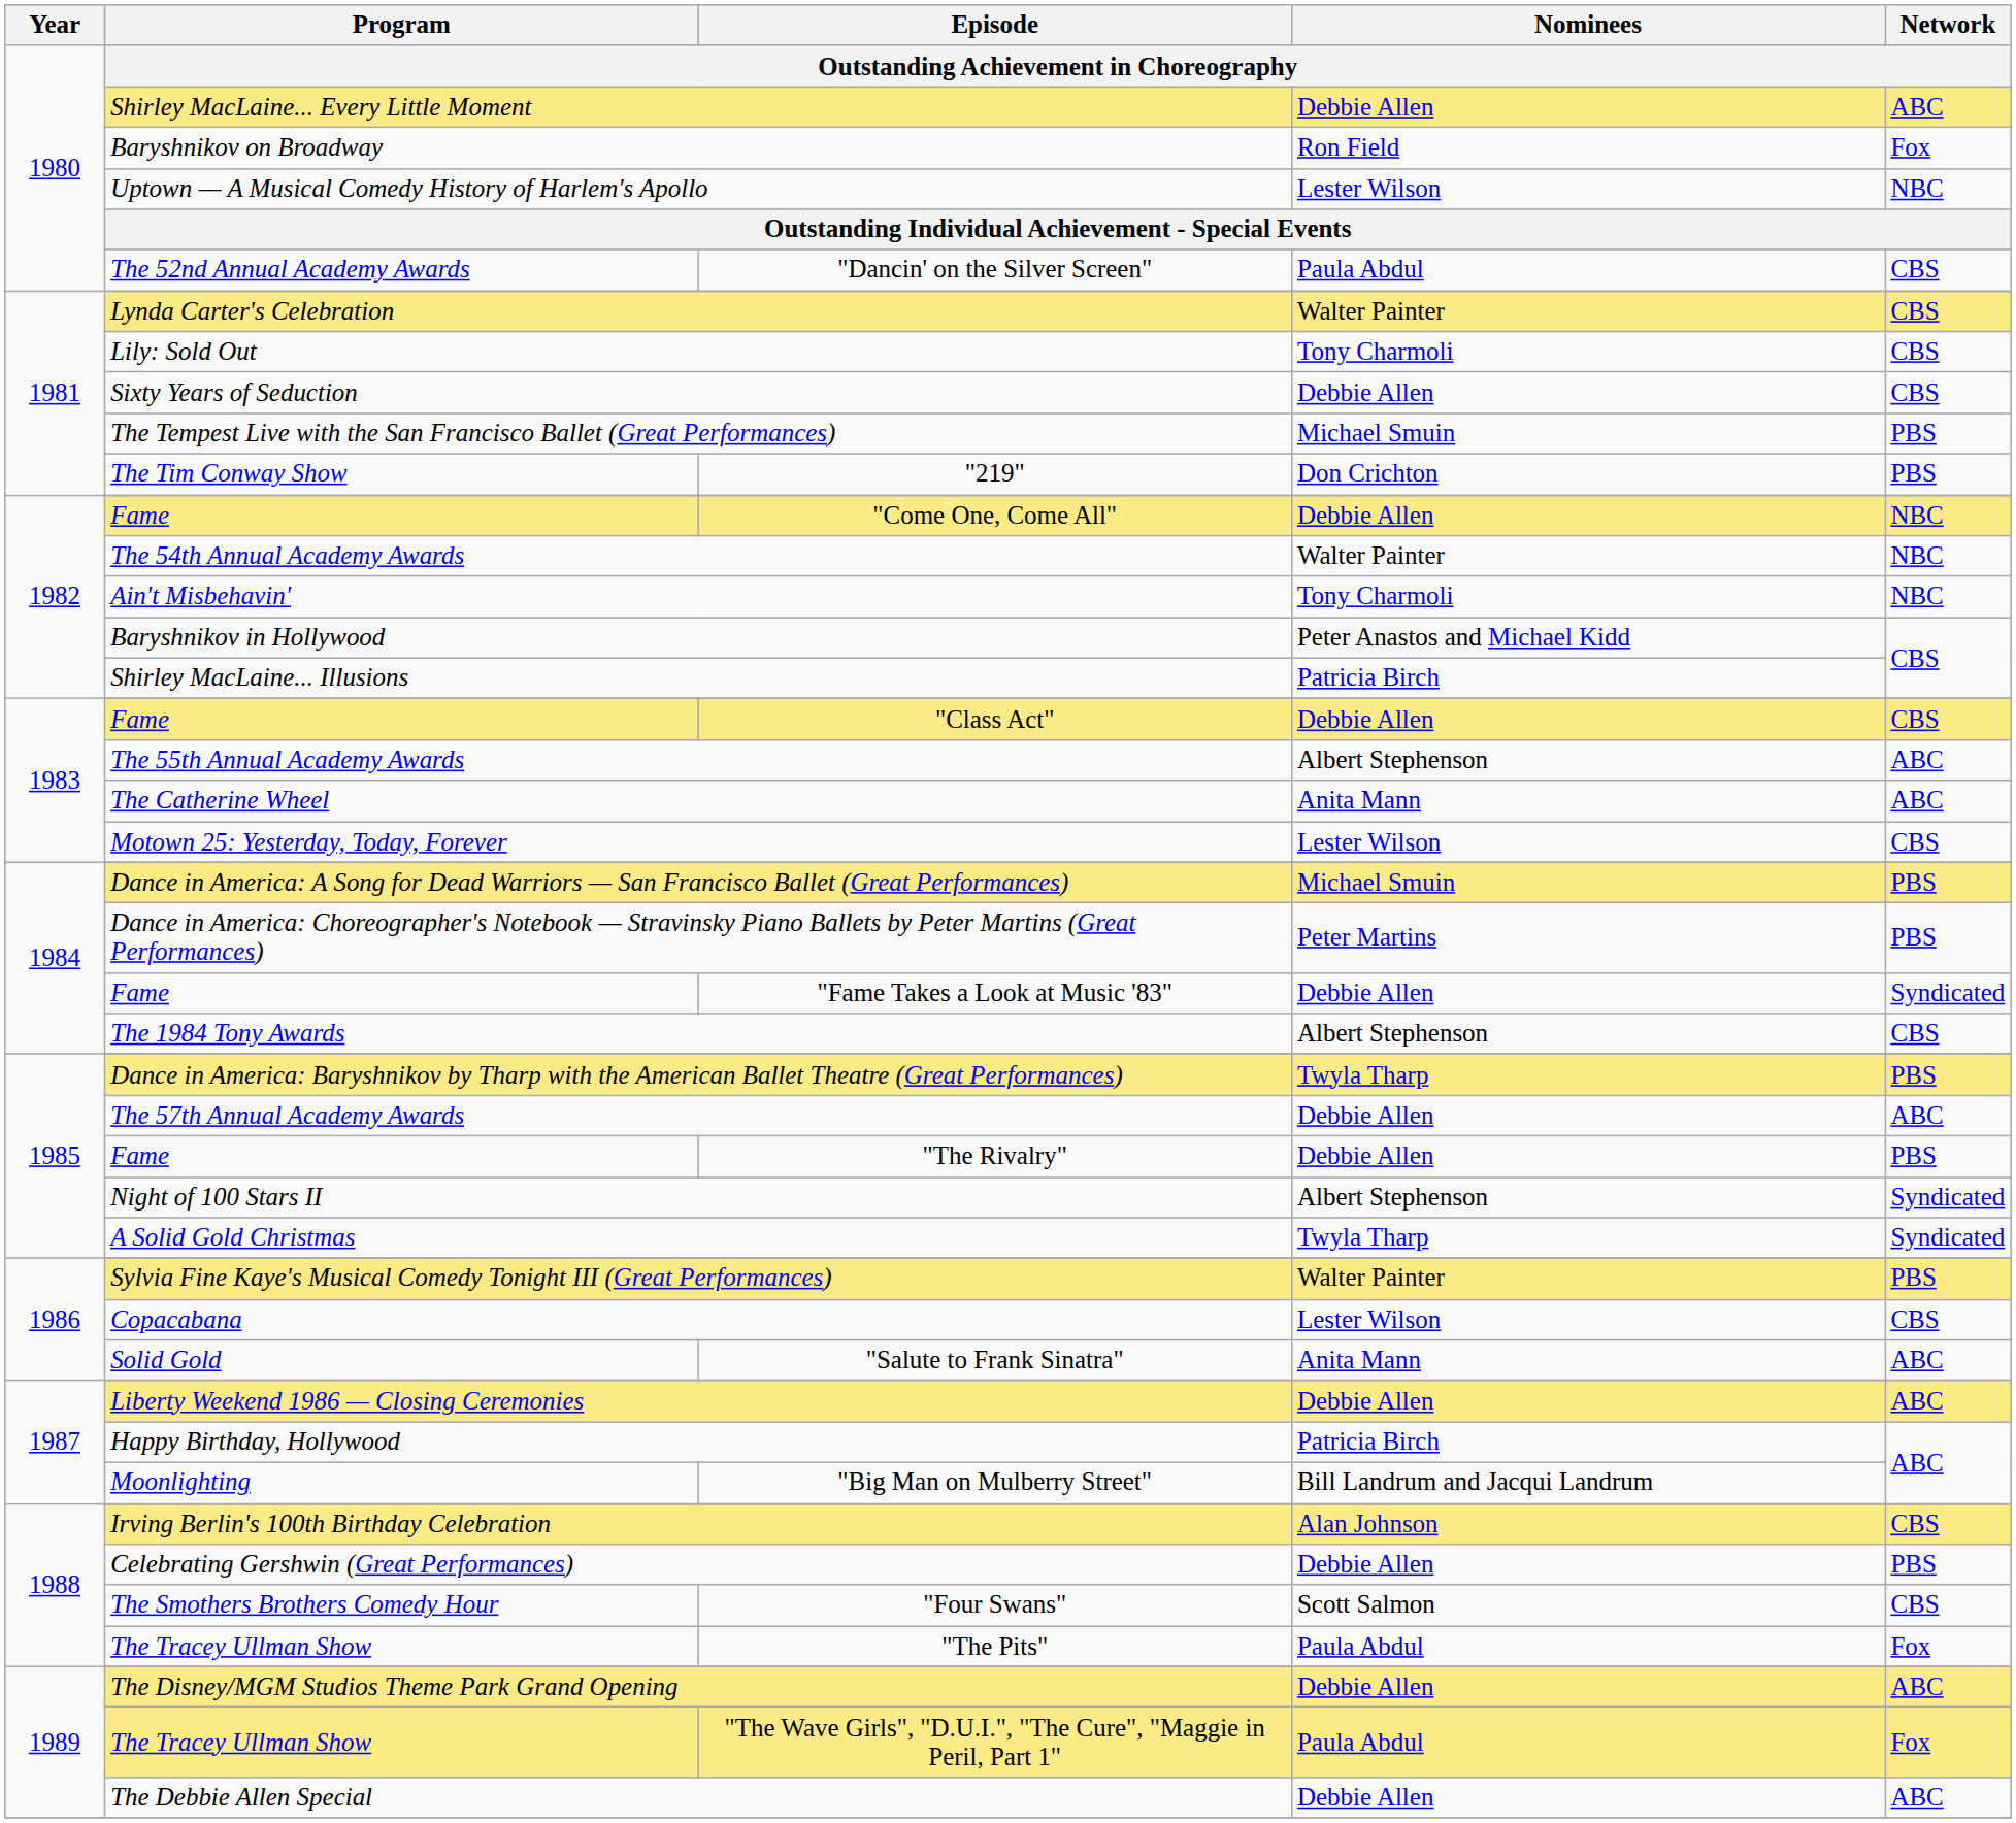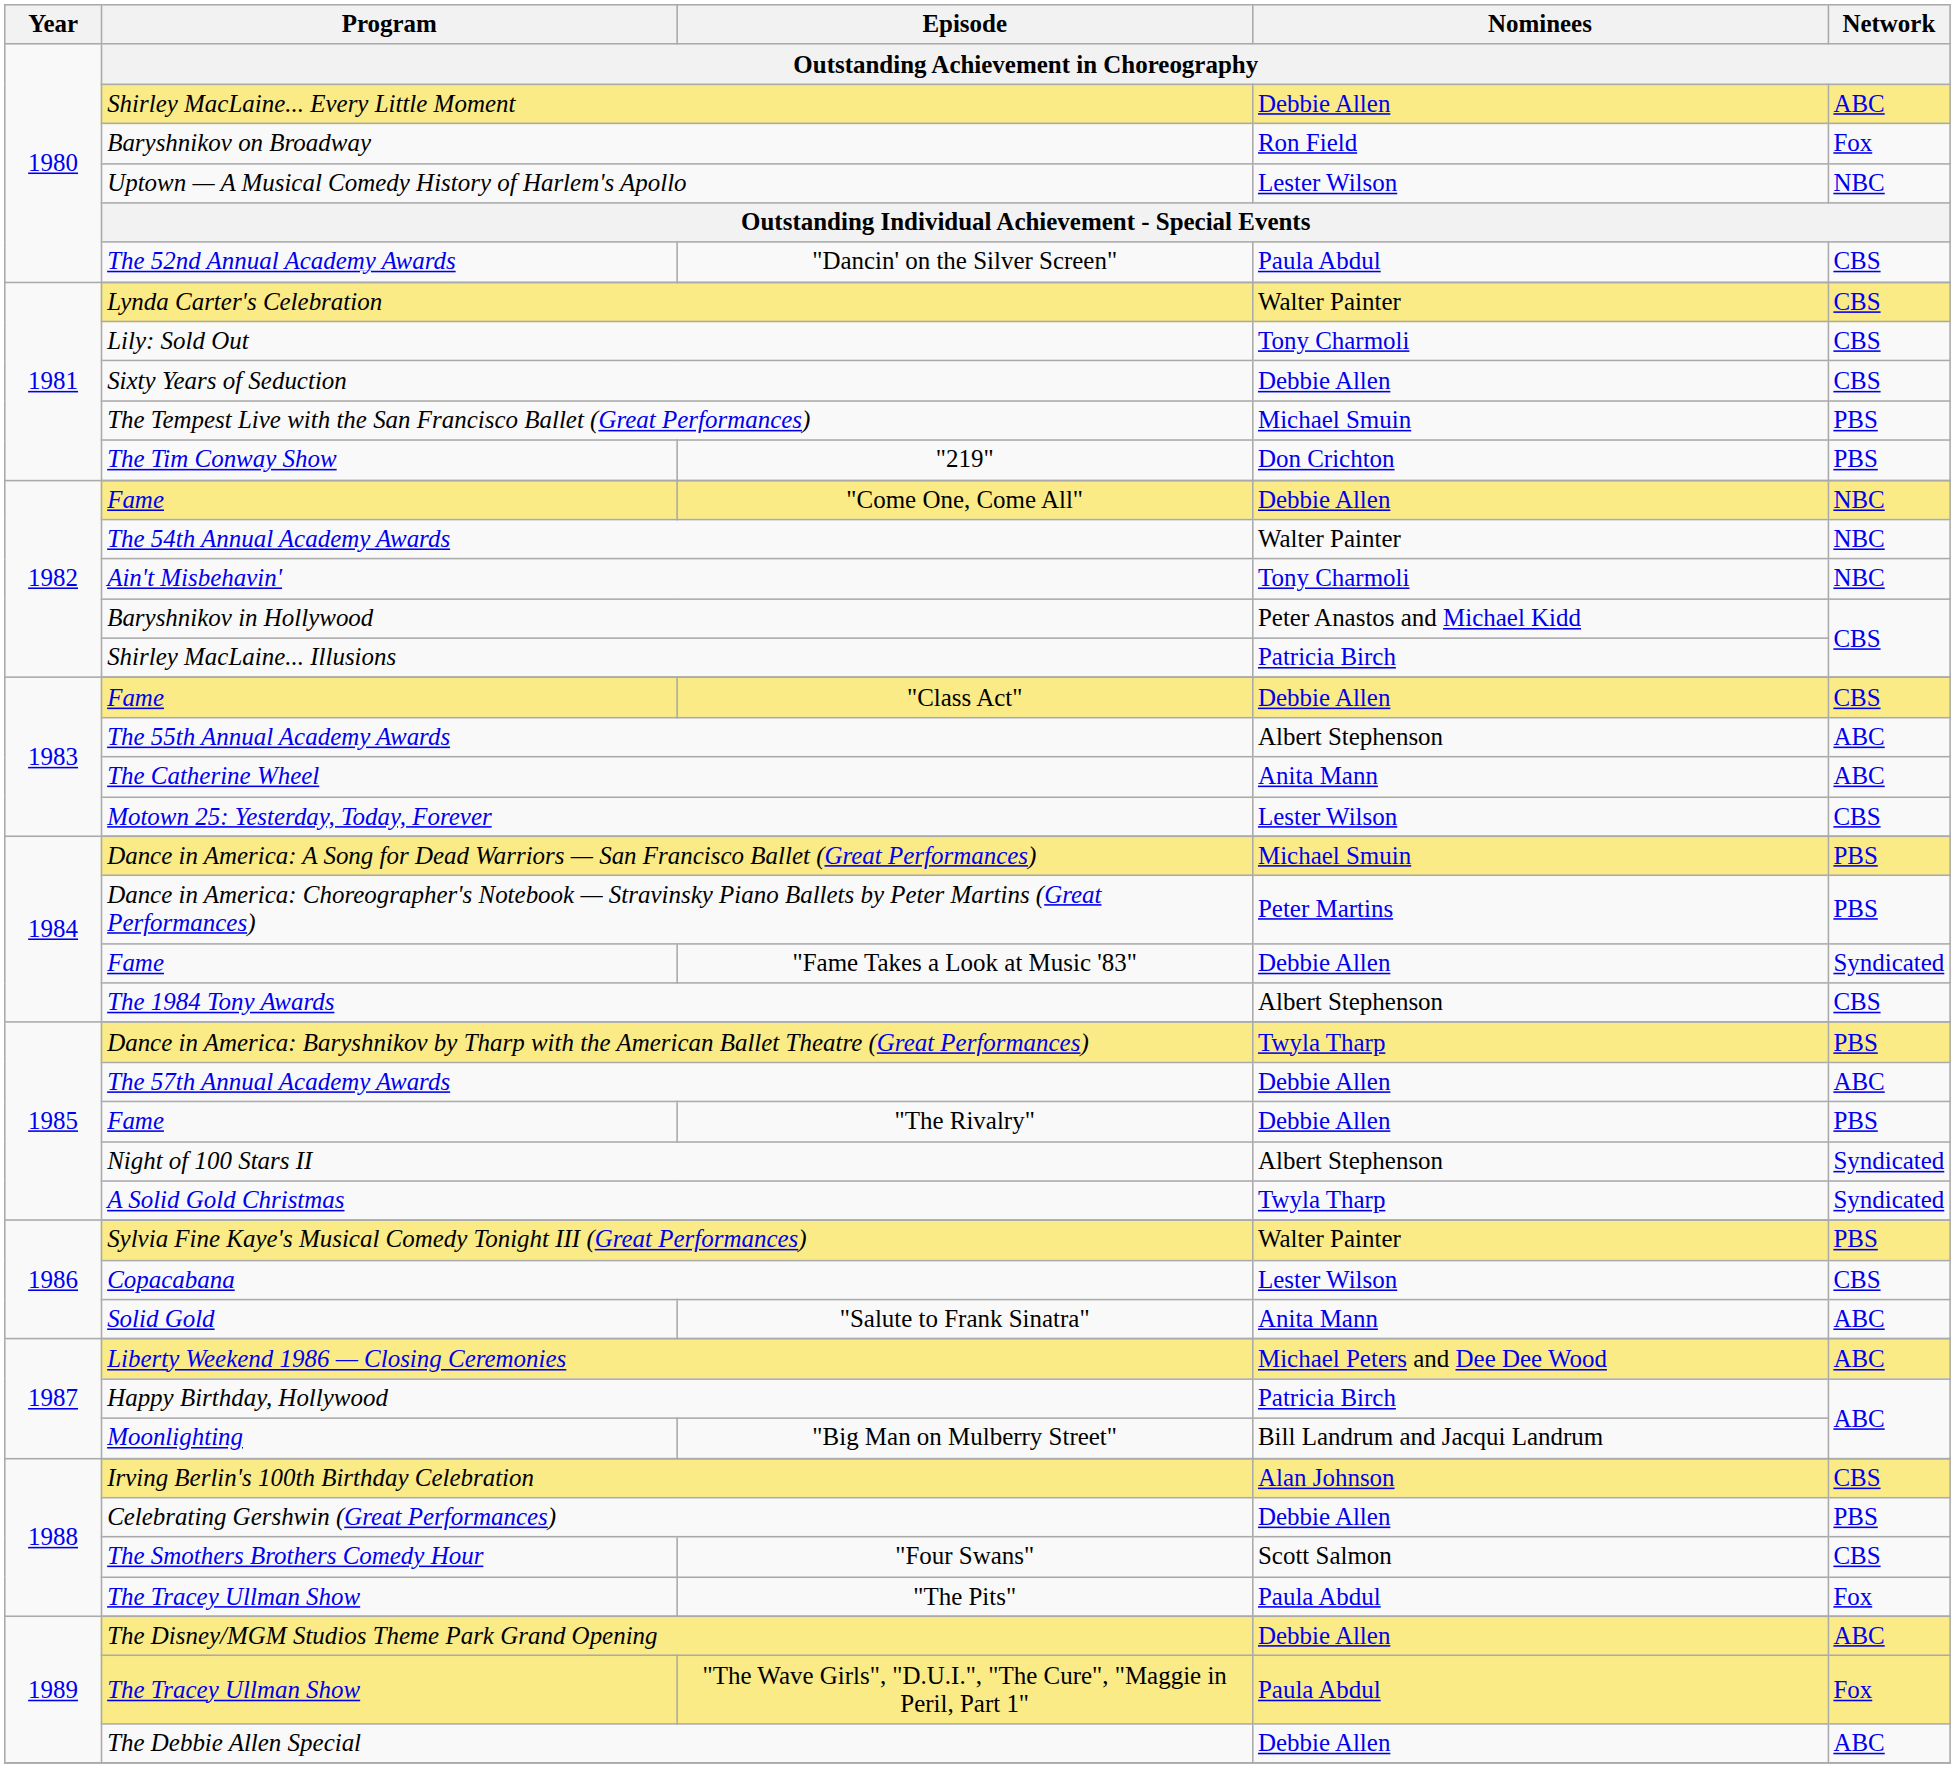 <table class="wikitable">
 <tr>
 <th width="5%">Year</th>
 <th width="30%">Program</th>
 <th width="30%">Episode</th>
 <th width="30%">Nominees</th>
 <th width="5%">Network</th>
 </tr>
 <tr>
 <td rowspan=6 style="text-align:center;"><a href='#'>1980</a></td>
 <th colspan="4">Outstanding Achievement in Choreography</th>
 </tr>
 <tr style="background:#FAEB86">
 <td colspan=2><em>Shirley MacLaine... Every Little Moment</em></td>
 <td><a href='#'>Debbie Allen</a></td>
 <td><a href='#'>ABC</a></td>
 </tr>
 <tr>
 <td colspan=2><em>Baryshnikov on Broadway</em></td>
 <td><a href='#'>Ron Field</a></td>
 <td><a href='#'>Fox</a></td>
 </tr>
 <tr>
 <td colspan=2><em>Uptown — A Musical Comedy History of Harlem's Apollo</em></td>
 <td><a href='#'>Lester Wilson</a></td>
 <td><a href='#'>NBC</a></td>
 </tr>
 <tr>
 <th colspan="4">Outstanding Individual Achievement - Special Events</th>
 </tr>
 <tr>
 <td><em><a href='#'>The 52nd Annual Academy Awards</a></em></td>
 <td align=center>"Dancin' on the Silver Screen"</td>
 <td><a href='#'>Paula Abdul</a></td>
 <td><a href='#'>CBS</a></td>
 </tr>
 <tr>
 <td rowspan="6" style="text-align:center;"><a href='#'>1981</a><br></td>
 </tr>
 <tr style="background:#FAEB86">
 <td colspan=2><em>Lynda Carter's Celebration</em></td>
 <td>Walter Painter</td>
 <td><a href='#'>CBS</a></td>
 </tr>
 <tr>
 <td colspan=2><em>Lily: Sold Out</em></td>
 <td><a href='#'>Tony Charmoli</a></td>
 <td><a href='#'>CBS</a></td>
 </tr>
 <tr>
 <td colspan=2><em>Sixty Years of Seduction</em></td>
 <td><a href='#'>Debbie Allen</a></td>
 <td><a href='#'>CBS</a></td>
 </tr>
 <tr>
 <td colspan=2><em>The Tempest Live with the San Francisco Ballet (<a href='#'>Great Performances</a>)</em></td>
 <td><a href='#'>Michael Smuin</a></td>
 <td><a href='#'>PBS</a></td>
 </tr>
 <tr>
 <td><em><a href='#'>The Tim Conway Show</a></em></td>
 <td align=center>"219"</td>
 <td><a href='#'>Don Crichton</a></td>
 <td><a href='#'>PBS</a></td>
 </tr>
 <tr>
 <td rowspan="6" style="text-align:center;"><a href='#'>1982</a><br></td>
 </tr>
 <tr style="background:#FAEB86">
 <td><em><a href='#'>Fame</a></em></td>
 <td align=center>"Come One, Come All"</td>
 <td><a href='#'>Debbie Allen</a></td>
 <td><a href='#'>NBC</a></td>
 </tr>
 <tr>
 <td colspan=2><em><a href='#'>The 54th Annual Academy Awards</a></em></td>
 <td>Walter Painter</td>
 <td><a href='#'>NBC</a></td>
 </tr>
 <tr>
 <td colspan=2><em><a href='#'>Ain't Misbehavin'</a></em></td>
 <td><a href='#'>Tony Charmoli</a></td>
 <td><a href='#'>NBC</a></td>
 </tr>
 <tr>
 <td colspan=2><em>Baryshnikov in Hollywood</em></td>
 <td>Peter Anastos and <a href='#'>Michael Kidd</a></td>
 <td rowspan=2><a href='#'>CBS</a></td>
 </tr>
 <tr>
 <td colspan=2><em>Shirley MacLaine... Illusions</em></td>
 <td><a href='#'>Patricia Birch</a></td>
 </tr>
 <tr>
 <td rowspan="5" style="text-align:center;"><a href='#'>1983</a><br></td>
 </tr>
 <tr style="background:#FAEB86">
 <td><em><a href='#'>Fame</a></em></td>
 <td align=center>"Class Act"</td>
 <td><a href='#'>Debbie Allen</a></td>
 <td><a href='#'>CBS</a></td>
 </tr>
 <tr>
 <td colspan=2><em><a href='#'>The 55th Annual Academy Awards</a></em></td>
 <td>Albert Stephenson</td>
 <td><a href='#'>ABC</a></td>
 </tr>
 <tr>
 <td colspan=2><em><a href='#'>The Catherine Wheel</a></em></td>
 <td><a href='#'>Anita Mann</a></td>
 <td><a href='#'>ABC</a></td>
 </tr>
 <tr>
 <td colspan=2><em><a href='#'>Motown 25: Yesterday, Today, Forever</a></em></td>
 <td><a href='#'>Lester Wilson</a></td>
 <td><a href='#'>CBS</a></td>
 </tr>
 <tr>
 <td rowspan="5" style="text-align:center;"><a href='#'>1984</a><br></td>
 </tr>
 <tr style="background:#FAEB86">
 <td colspan=2><em>Dance in America: A Song for Dead Warriors — San Francisco Ballet (<a href='#'>Great Performances</a>)</em></td>
 <td><a href='#'>Michael Smuin</a></td>
 <td><a href='#'>PBS</a></td>
 </tr>
 <tr>
 <td colspan=2><em>Dance in America: Choreographer's Notebook — Stravinsky Piano Ballets by Peter Martins (<a href='#'>Great Performances</a>)</em></td>
 <td><a href='#'>Peter Martins</a></td>
 <td><a href='#'>PBS</a></td>
 </tr>
 <tr>
 <td><em><a href='#'>Fame</a></em></td>
 <td align=center>"Fame Takes a Look at Music '83"</td>
 <td><a href='#'>Debbie Allen</a></td>
 <td><a href='#'>Syndicated</a></td>
 </tr>
 <tr>
 <td colspan=2><em><a href='#'>The 1984 Tony Awards</a></em></td>
 <td>Albert Stephenson</td>
 <td><a href='#'>CBS</a></td>
 </tr>
 <tr>
 <td rowspan="6" style="text-align:center;"><a href='#'>1985</a><br></td>
 </tr>
 <tr style="background:#FAEB86">
 <td colspan=2><em>Dance in America: Baryshnikov by Tharp with the American Ballet Theatre (<a href='#'>Great Performances</a>)</em></td>
 <td><a href='#'>Twyla Tharp</a></td>
 <td><a href='#'>PBS</a></td>
 </tr>
 <tr>
 <td colspan=2><em><a href='#'>The 57th Annual Academy Awards</a></em></td>
 <td><a href='#'>Debbie Allen</a></td>
 <td><a href='#'>ABC</a></td>
 </tr>
 <tr>
 <td><em><a href='#'>Fame</a></em></td>
 <td align=center>"The Rivalry"</td>
 <td><a href='#'>Debbie Allen</a></td>
 <td><a href='#'>PBS</a></td>
 </tr>
 <tr>
 <td colspan=2><em>Night of 100 Stars II</em></td>
 <td>Albert Stephenson</td>
 <td><a href='#'>Syndicated</a></td>
 </tr>
 <tr>
 <td colspan=2><em><a href='#'>A Solid Gold Christmas</a></em></td>
 <td><a href='#'>Twyla Tharp</a></td>
 <td><a href='#'>Syndicated</a></td>
 </tr>
 <tr>
 <td rowspan="4" style="text-align:center;"><a href='#'>1986</a><br></td>
 </tr>
 <tr style="background:#FAEB86">
 <td colspan=2><em>Sylvia Fine Kaye's Musical Comedy Tonight III (<a href='#'>Great Performances</a>)</em></td>
 <td>Walter Painter</td>
 <td><a href='#'>PBS</a></td>
 </tr>
 <tr>
 <td colspan=2><em><a href='#'>Copacabana</a></em></td>
 <td><a href='#'>Lester Wilson</a></td>
 <td><a href='#'>CBS</a></td>
 </tr>
 <tr>
 <td><em><a href='#'>Solid Gold</a></em></td>
 <td align=center>"Salute to Frank Sinatra"</td>
 <td><a href='#'>Anita Mann</a></td>
 <td><a href='#'>ABC</a></td>
 </tr>
 <tr>
 <td rowspan="4" style="text-align:center;"><a href='#'>1987</a><br></td>
 </tr>
 <tr style="background:#FAEB86">
 <td colspan=2><em><a href='#'>Liberty Weekend 1986 — Closing Ceremonies</a></em></td>
-<td><a href='#'>Debbie Allen</a></td>
+<td><a href='#'>Michael Peters</a> and <a href='#'>Dee Dee Wood</a></td>
 <td><a href='#'>ABC</a></td>
 </tr>
 <tr>
 <td colspan=2><em>Happy Birthday, Hollywood</em></td>
 <td><a href='#'>Patricia Birch</a></td>
 <td rowspan=2><a href='#'>ABC</a></td>
 </tr>
 <tr>
 <td><em><a href='#'>Moonlighting</a></em></td>
 <td align=center>"Big Man on Mulberry Street"</td>
 <td>Bill Landrum and Jacqui Landrum</td>
 </tr>
 <tr>
 <td rowspan="5" style="text-align:center;"><a href='#'>1988</a><br></td>
 </tr>
 <tr style="background:#FAEB86">
 <td colspan=2><em>Irving Berlin's 100th Birthday Celebration</em></td>
 <td><a href='#'>Alan Johnson</a></td>
 <td><a href='#'>CBS</a></td>
 </tr>
 <tr>
 <td colspan=2><em>Celebrating Gershwin (<a href='#'>Great Performances</a>)</em></td>
 <td><a href='#'>Debbie Allen</a></td>
 <td><a href='#'>PBS</a></td>
 </tr>
 <tr>
 <td><em><a href='#'>The Smothers Brothers Comedy Hour</a></em></td>
 <td align=center>"Four Swans"</td>
 <td>Scott Salmon</td>
 <td><a href='#'>CBS</a></td>
 </tr>
 <tr>
 <td><em><a href='#'>The Tracey Ullman Show</a></em></td>
 <td align=center>"The Pits"</td>
 <td><a href='#'>Paula Abdul</a></td>
 <td><a href='#'>Fox</a></td>
 </tr>
 <tr>
 <td rowspan="4" style="text-align:center;"><a href='#'>1989</a><br></td>
 </tr>
 <tr style="background:#FAEB86">
 <td colspan=2><em>The Disney/MGM Studios Theme Park Grand Opening</em></td>
 <td><a href='#'>Debbie Allen</a></td>
 <td><a href='#'>ABC</a></td>
 </tr>
 <tr style="background:#FAEB86">
 <td><em><a href='#'>The Tracey Ullman Show</a></em></td>
 <td align=center>"The Wave Girls", "D.U.I.", "The Cure", "Maggie in Peril, Part 1"</td>
 <td><a href='#'>Paula Abdul</a></td>
 <td><a href='#'>Fox</a></td>
 </tr>
 <tr>
 <td colspan=2><em>The Debbie Allen Special</em></td>
 <td><a href='#'>Debbie Allen</a></td>
 <td><a href='#'>ABC</a></td>
 </tr>
 <tr>
 </tr>
 </table>
